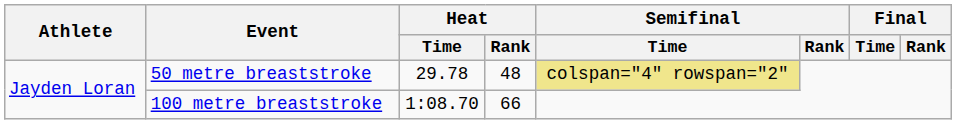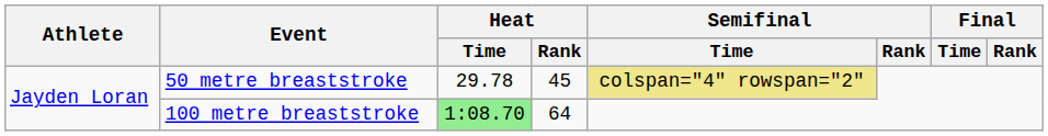 <table class="wikitable" style="text-align:center; font-size:90%; width:50%;">
 <tr>
 <th rowspan="2">Athlete</th>
 <th rowspan="2">Event</th>
 <th colspan="2">Heat</th>
 <th colspan="2">Semifinal</th>
 <th colspan="2">Final</th>
 </tr>
 <tr style="font-size:95%">
 <th>Time</th>
 <th>Rank</th>
 <th>Time</th>
 <th>Rank</th>
 <th>Time</th>
 <th>Rank</th>
 </tr>
 <tr align=center>
 <td align=left rowspan="2"><a href='#'>Jayden Loran</a></td>
 <td align=left><a href='#'>50 metre breaststroke</a></td>
 <td>29.78</td>
-<td>48</td>
+<td>45</td>
 <td style="background: khaki;">colspan="4" rowspan="2" </td>
 </tr>
 <tr align=center>
 <td align=left><a href='#'>100 metre breaststroke</a></td>
-<td>1:08.70</td>
-<td>66</td>
+<td style="background: lightgreen;">1:08.70</td>
+<td>64</td>
 </tr>
 </table>
